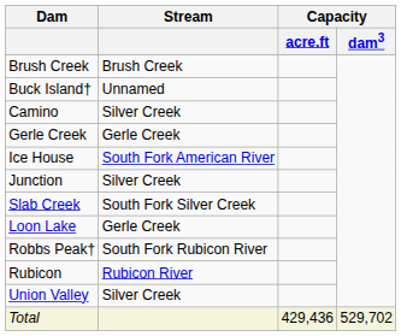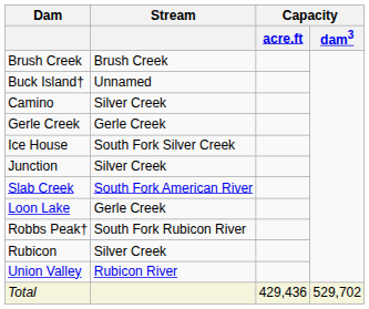 <table class="wikitable sortable" border = "1">
 <tr>
 <th>Dam</th>
 <th>Stream</th>
 <th colspan=2>Capacity</th>
 </tr>
 <tr>
 <th></th>
 <th></th>
 <th><a href='#'>acre.ft</a></th>
 <th><a href='#'>dam<sup>3</sup></a></th>
 </tr>
 <tr>
 <td>Brush Creek</td>
 <td>Brush Creek</td>
 <td></td>
 </tr>
 <tr>
 <td>Buck Island†</td>
 <td>Unnamed</td>
 <td></td>
 </tr>
 <tr>
 <td>Camino</td>
 <td>Silver Creek</td>
 <td></td>
 </tr>
 <tr>
 <td>Gerle Creek</td>
 <td>Gerle Creek</td>
 <td></td>
 </tr>
 <tr>
 <td>Ice House</td>
-<td><a href='#'>South Fork American River</a></td>
+<td>South Fork Silver Creek</td>
 <td></td>
 </tr>
 <tr>
 <td>Junction</td>
 <td>Silver Creek</td>
 <td></td>
 </tr>
 <tr>
 <td><a href='#'>Slab Creek</a></td>
-<td>South Fork Silver Creek</td>
+<td><a href='#'>South Fork American River</a></td>
 <td></td>
 </tr>
 <tr>
 <td><a href='#'>Loon Lake</a></td>
 <td>Gerle Creek</td>
 <td></td>
 </tr>
 <tr>
 <td>Robbs Peak†</td>
 <td>South Fork Rubicon River</td>
 <td></td>
 </tr>
 <tr>
 <td>Rubicon</td>
-<td><a href='#'>Rubicon River</a></td>
+<td>Silver Creek</td>
 <td></td>
 </tr>
 <tr>
 <td><a href='#'>Union Valley</a></td>
-<td>Silver Creek</td>
+<td><a href='#'>Rubicon River</a></td>
 <td></td>
 </tr>
 <tr>
 <td bgcolor="#F5F5DC"><em>Total</em></td>
 <td bgcolor="#F5F5DC"></td>
 <td bgcolor="#F5F5DC" align="right">429,436</td>
 <td bgcolor="#F5F5DC" align="right">529,702</td>
 </tr>
 </table>
